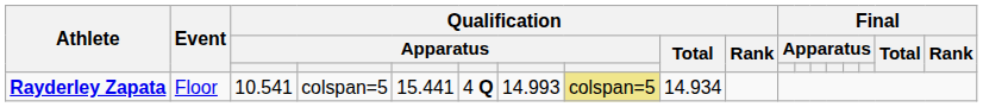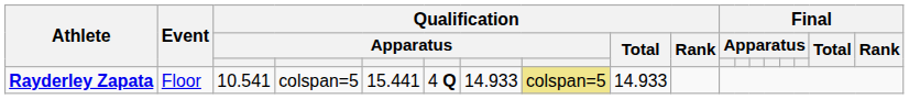 <table class="wikitable" style="font-size:90%">
 <tr>
 <th rowspan=3>Athlete</th>
 <th rowspan=3>Event</th>
 <th colspan =8>Qualification</th>
 <th colspan =8>Final</th>
 </tr>
 <tr style="font-size:95%">
 <th colspan=6>Apparatus</th>
 <th rowspan=2>Total</th>
 <th rowspan=2>Rank</th>
 <th colspan=6>Apparatus</th>
 <th rowspan=2>Total</th>
 <th rowspan=2>Rank</th>
 </tr>
 <tr style="font-size:95%">
 <th></th>
 <th></th>
 <th></th>
 <th></th>
 <th></th>
 <th></th>
 <th></th>
 <th></th>
 <th></th>
 <th></th>
 <th></th>
 <th></th>
 </tr>
 <tr align=center>
 <td align=left><strong><a href='#'>Rayderley Zapata</a></strong></td>
 <td align=left><a href='#'>Floor</a></td>
 <td>10.541</td>
 <td>colspan=5 </td>
 <td>15.441</td>
 <td>4 <strong>Q</strong></td>
-<td>14.993</td>
+<td>14.933</td>
 <td style="background: khaki;">colspan=5 </td>
-<td>14.934</td>
+<td>14.933</td>
 <td></td>
 </tr>
 </table>
